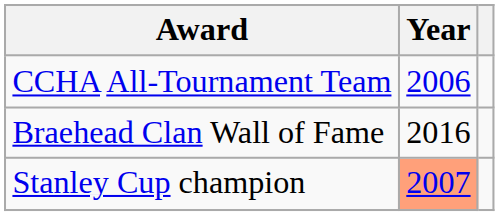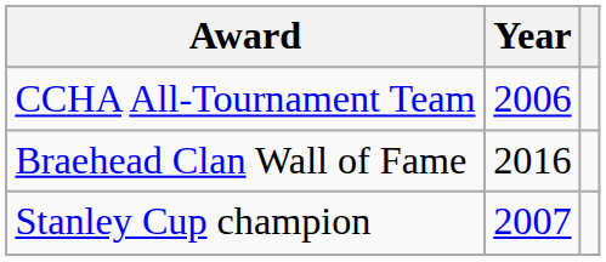 <table class="wikitable">
 <tr>
 <th>Award</th>
 <th>Year</th>
 <th></th>
 </tr>
 <tr>
 <td><a href='#'>CCHA</a> <a href='#'>All-Tournament Team</a></td>
 <td><a href='#'>2006</a></td>
 <td></td>
 </tr>
 <tr>
 <td><a href='#'>Braehead Clan</a> Wall of Fame</td>
 <td>2016</td>
 <td></td>
 </tr>
 <tr>
 <td><a href='#'>Stanley Cup</a> champion</td>
-<td style="background: lightsalmon;"><a href='#'>2007</a></td>
+<td><a href='#'>2007</a></td>
 </tr>
 </table>
